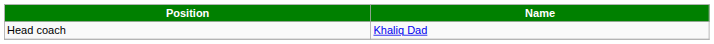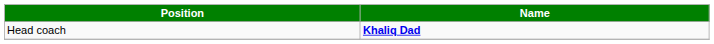 <table class="wikitable" style="font-size:85%; width:55%;">
 <tr>
 <th style="background:green; color:white; text-align:center;">Position</th>
 <th style="background:green; color:white; text-align:center;">Name</th>
 </tr>
 <tr>
 <td>Head coach</td>
-<td> <a href='#'>Khaliq Dad</a></td>
+<td><strong> <a href='#'>Khaliq Dad</a></strong></td>
 </tr>
 <tr>
 </tr>
 </table>
